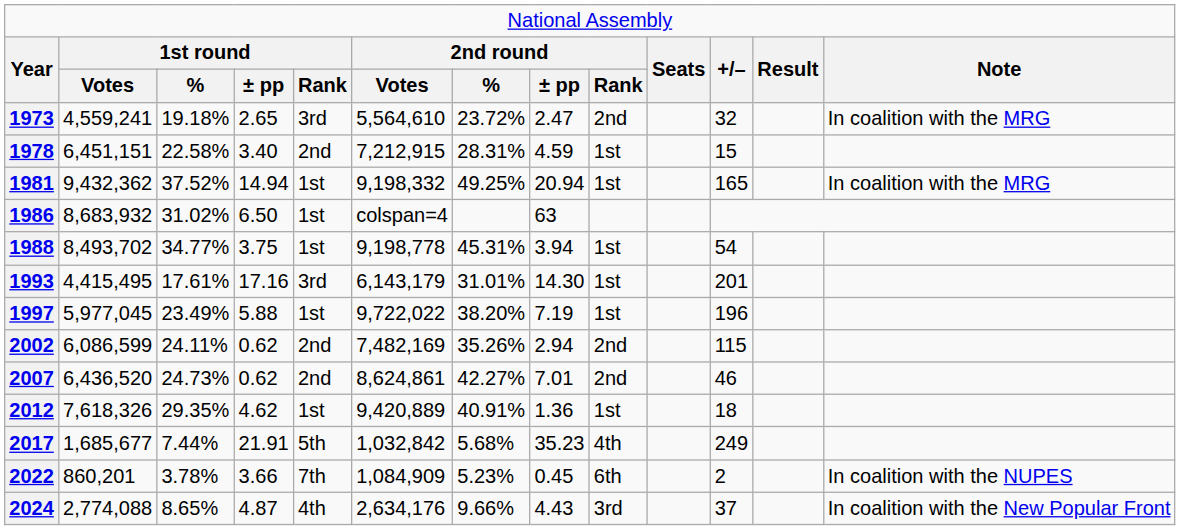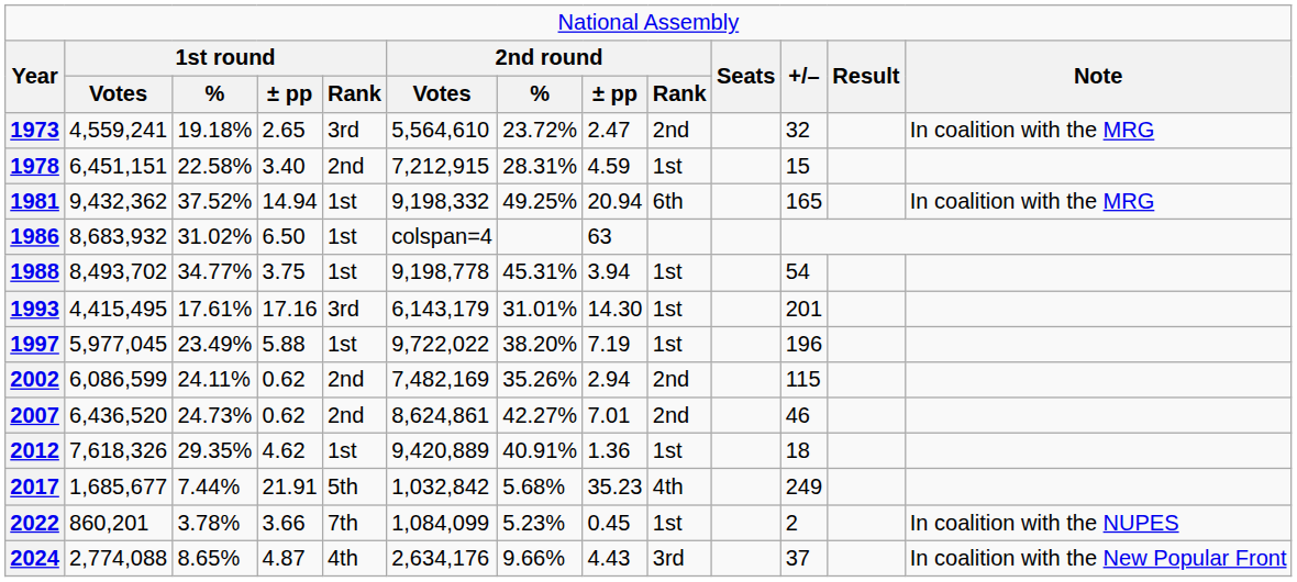 <table class="wikitable" style="font-size:97%; text-align:left;">
 <tr>
 <td colspan="18" align="center"><a href='#'>National Assembly</a></td>
 </tr>
 <tr>
 <th rowspan="2">Year</th>
 <th colspan="4">1st round</th>
 <th colspan="4">2nd round</th>
 <th rowspan="2">Seats</th>
 <th rowspan="2">+/–</th>
 <th rowspan="2">Result</th>
 <th rowspan="2">Note</th>
 </tr>
 <tr>
 <th>Votes</th>
 <th>%</th>
 <th>± pp</th>
 <th>Rank</th>
 <th>Votes</th>
 <th>%</th>
 <th>± pp</th>
 <th>Rank</th>
 </tr>
 <tr>
 <th><a href='#'>1973</a></th>
 <td>4,559,241</td>
 <td>19.18%</td>
 <td> 2.65</td>
 <td> 3rd</td>
 <td>5,564,610</td>
 <td>23.72%</td>
 <td> 2.47</td>
 <td> 2nd</td>
 <td></td>
 <td> 32</td>
 <td></td>
 <td>In coalition with the <a href='#'>MRG</a></td>
 </tr>
 <tr>
 <th><a href='#'>1978</a></th>
 <td>6,451,151</td>
 <td>22.58%</td>
 <td> 3.40</td>
 <td> 2nd</td>
 <td>7,212,915</td>
 <td>28.31%</td>
 <td> 4.59</td>
 <td> 1st</td>
 <td></td>
 <td> 15</td>
 <td></td>
 <td></td>
 </tr>
 <tr>
 <th><a href='#'>1981</a></th>
 <td>9,432,362</td>
 <td>37.52%</td>
 <td> 14.94</td>
 <td> 1st</td>
 <td>9,198,332</td>
 <td>49.25%</td>
 <td> 20.94</td>
-<td> 1st</td>
+<td> 6th</td>
 <td></td>
 <td> 165</td>
 <td></td>
 <td>In coalition with the <a href='#'>MRG</a></td>
 </tr>
 <tr>
 <th><a href='#'>1986</a></th>
 <td>8,683,932</td>
 <td>31.02%</td>
 <td> 6.50</td>
 <td> 1st</td>
 <td>colspan=4 </td>
 <td></td>
 <td> 63</td>
 <td></td>
 <td></td>
 </tr>
 <tr>
 <th><a href='#'>1988</a></th>
 <td>8,493,702</td>
 <td>34.77%</td>
 <td> 3.75</td>
 <td> 1st</td>
 <td>9,198,778</td>
 <td>45.31%</td>
 <td> 3.94</td>
 <td> 1st</td>
 <td></td>
 <td> 54</td>
 <td></td>
 <td></td>
 </tr>
 <tr>
 <th><a href='#'>1993</a></th>
 <td>4,415,495</td>
 <td>17.61%</td>
 <td> 17.16</td>
 <td> 3rd</td>
 <td>6,143,179</td>
 <td>31.01%</td>
 <td> 14.30</td>
 <td> 1st</td>
 <td></td>
 <td> 201</td>
 <td></td>
 <td></td>
 </tr>
 <tr>
 <th><a href='#'>1997</a></th>
 <td>5,977,045</td>
 <td>23.49%</td>
 <td> 5.88</td>
 <td> 1st</td>
 <td>9,722,022</td>
 <td>38.20%</td>
 <td> 7.19</td>
 <td> 1st</td>
 <td></td>
 <td> 196</td>
 <td></td>
 <td></td>
 </tr>
 <tr>
 <th><a href='#'>2002</a></th>
 <td>6,086,599</td>
 <td>24.11%</td>
 <td> 0.62</td>
 <td> 2nd</td>
 <td>7,482,169</td>
 <td>35.26%</td>
 <td> 2.94</td>
 <td> 2nd</td>
 <td></td>
 <td> 115</td>
 <td></td>
 <td></td>
 </tr>
 <tr>
 <th><a href='#'>2007</a></th>
 <td>6,436,520</td>
 <td>24.73%</td>
 <td> 0.62</td>
 <td> 2nd</td>
 <td>8,624,861</td>
 <td>42.27%</td>
 <td> 7.01</td>
 <td> 2nd</td>
 <td></td>
 <td> 46</td>
 <td></td>
 <td></td>
 </tr>
 <tr>
 <th><a href='#'>2012</a></th>
 <td>7,618,326</td>
 <td>29.35%</td>
 <td> 4.62</td>
 <td> 1st</td>
 <td>9,420,889</td>
 <td>40.91%</td>
 <td> 1.36</td>
 <td> 1st</td>
 <td></td>
 <td> 18</td>
 <td></td>
 <td></td>
 </tr>
 <tr>
 <th><a href='#'>2017</a></th>
 <td>1,685,677</td>
 <td>7.44%</td>
 <td> 21.91</td>
 <td> 5th</td>
 <td>1,032,842</td>
 <td>5.68%</td>
 <td> 35.23</td>
 <td> 4th</td>
 <td></td>
 <td> 249</td>
 <td></td>
 <td></td>
 </tr>
 <tr>
 <th><a href='#'>2022</a></th>
 <td>860,201</td>
 <td>3.78%</td>
 <td> 3.66</td>
 <td> 7th</td>
-<td>1,084,909</td>
+<td>1,084,099</td>
 <td>5.23%</td>
 <td> 0.45</td>
-<td> 6th</td>
+<td> 1st</td>
 <td></td>
 <td> 2</td>
 <td></td>
 <td>In coalition with the <a href='#'>NUPES</a></td>
 </tr>
 <tr>
 <th><a href='#'>2024</a></th>
 <td>2,774,088</td>
 <td>8.65%</td>
 <td> 4.87</td>
 <td> 4th</td>
 <td>2,634,176</td>
 <td>9.66%</td>
 <td> 4.43</td>
 <td> 3rd</td>
 <td> </td>
 <td>37</td>
 <td></td>
 <td>In coalition with the <a href='#'>New Popular Front</a></td>
 </tr>
 </table>
